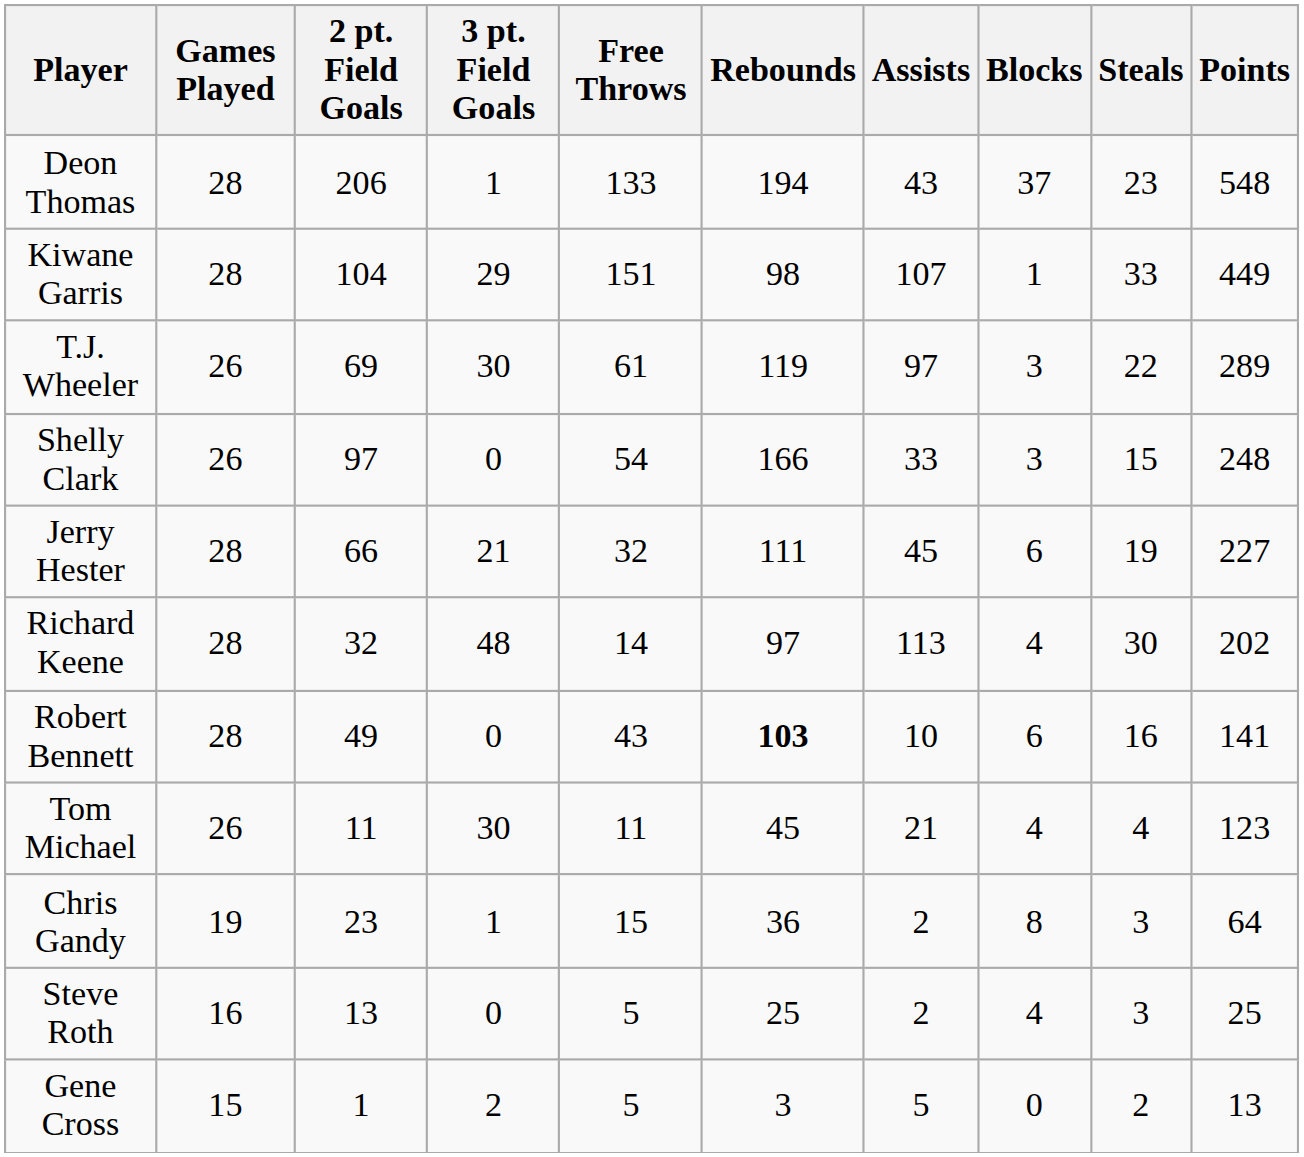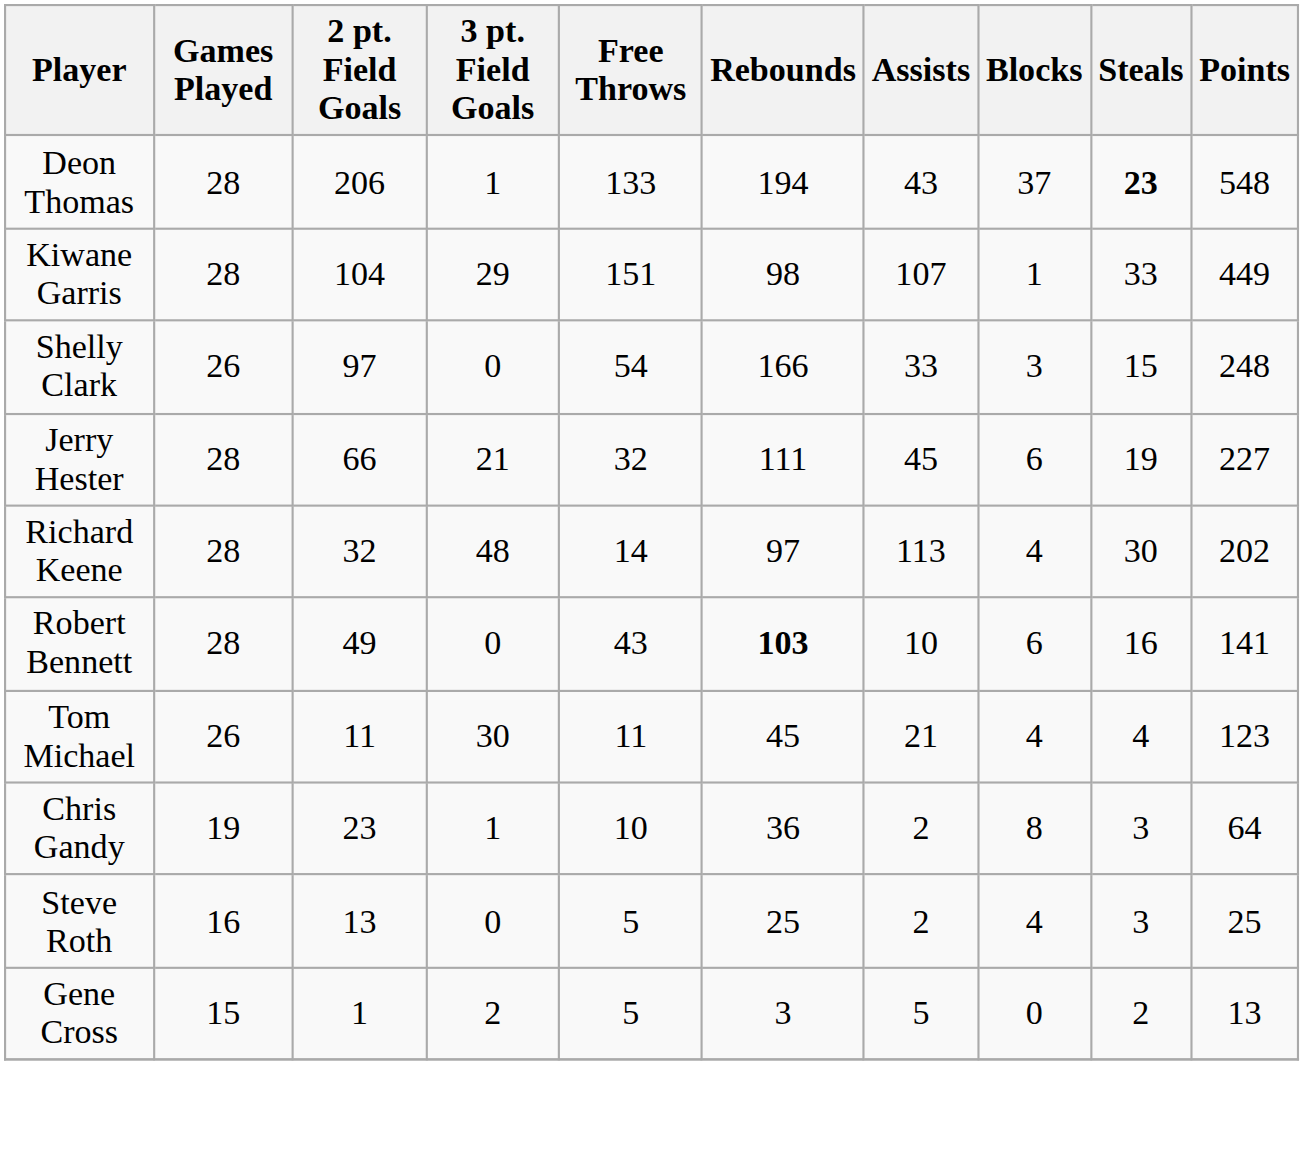 <table class="wikitable sortable" style="text-align:center">
 <tr>
 <th>Player</th>
 <th>Games Played</th>
 <th>2 pt. Field Goals</th>
 <th>3 pt. Field Goals</th>
 <th>Free Throws</th>
 <th>Rebounds</th>
 <th>Assists</th>
 <th>Blocks</th>
 <th>Steals</th>
 <th>Points</th>
 </tr>
 <tr align="center" bgcolor="">
 <td>Deon Thomas</td>
 <td>28</td>
 <td>206</td>
 <td>1</td>
 <td>133</td>
 <td>194</td>
 <td>43</td>
 <td>37</td>
-<td>23</td>
+<td><strong>23</strong></td>
 <td>548</td>
 </tr>
 <tr align="center" bgcolor="">
 <td>Kiwane Garris</td>
 <td>28</td>
 <td>104</td>
 <td>29</td>
 <td>151</td>
 <td>98</td>
 <td>107</td>
 <td>1</td>
 <td>33</td>
 <td>449</td>
-</tr>
-<tr align="center" bgcolor="">
-<td>T.J. Wheeler</td>
-<td>26</td>
-<td>69</td>
-<td>30</td>
-<td>61</td>
-<td>119</td>
-<td>97</td>
-<td>3</td>
-<td>22</td>
-<td>289</td>
 </tr>
 <tr align="center" bgcolor="">
 <td>Shelly Clark</td>
 <td>26</td>
 <td>97</td>
 <td>0</td>
 <td>54</td>
 <td>166</td>
 <td>33</td>
 <td>3</td>
 <td>15</td>
 <td>248</td>
 </tr>
 <tr align="center" bgcolor="">
 <td>Jerry Hester</td>
 <td>28</td>
 <td>66</td>
 <td>21</td>
 <td>32</td>
 <td>111</td>
 <td>45</td>
 <td>6</td>
 <td>19</td>
 <td>227</td>
 </tr>
 <tr align="center" bgcolor="">
 <td>Richard Keene</td>
 <td>28</td>
 <td>32</td>
 <td>48</td>
 <td>14</td>
 <td>97</td>
 <td>113</td>
 <td>4</td>
 <td>30</td>
 <td>202</td>
 </tr>
 <tr align="center" bgcolor="">
 <td>Robert Bennett</td>
 <td>28</td>
 <td>49</td>
 <td>0</td>
 <td>43</td>
 <td><strong>103</strong></td>
 <td>10</td>
 <td>6</td>
 <td>16</td>
 <td>141</td>
 </tr>
 <tr align="center" bgcolor="">
 <td>Tom Michael</td>
 <td>26</td>
 <td>11</td>
 <td>30</td>
 <td>11</td>
 <td>45</td>
 <td>21</td>
 <td>4</td>
 <td>4</td>
 <td>123</td>
 </tr>
 <tr align="center" bgcolor="">
 <td>Chris Gandy</td>
 <td>19</td>
 <td>23</td>
 <td>1</td>
-<td>15</td>
+<td>10</td>
 <td>36</td>
 <td>2</td>
 <td>8</td>
 <td>3</td>
 <td>64</td>
 </tr>
 <tr align="center" bgcolor="">
 <td>Steve Roth</td>
 <td>16</td>
 <td>13</td>
 <td>0</td>
 <td>5</td>
 <td>25</td>
 <td>2</td>
 <td>4</td>
 <td>3</td>
 <td>25</td>
 </tr>
 <tr align="center" bgcolor="">
 <td>Gene Cross</td>
 <td>15</td>
 <td>1</td>
 <td>2</td>
 <td>5</td>
 <td>3</td>
 <td>5</td>
 <td>0</td>
 <td>2</td>
 <td>13</td>
 </tr>
 <tr align="center" bgcolor="">
 </tr>
 </table>
